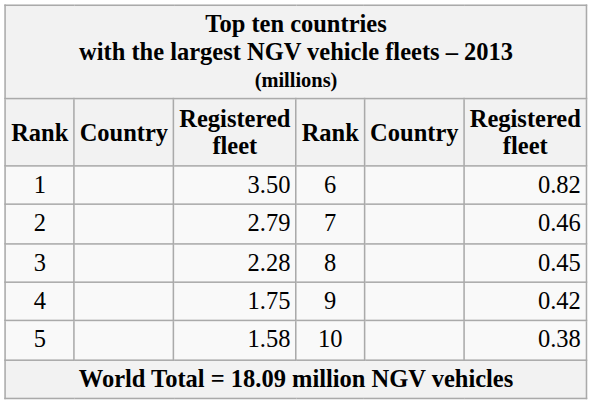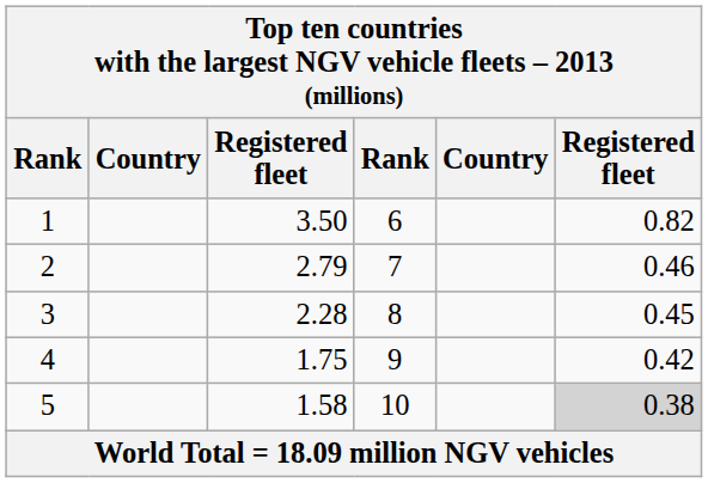 <table class="wikitable" style="float:right; margin-left:5px;">
 <tr>
 <th colspan=6><strong>Top ten countries<br>with the largest NGV vehicle fleets – 2013</strong><br><small>(millions)</small></th>
 </tr>
 <tr>
 <th>Rank</th>
 <th>Country</th>
 <th>Registered<br>fleet</th>
 <th>Rank</th>
 <th>Country</th>
 <th>Registered<br>fleet</th>
 </tr>
 <tr>
 <td ALIGN=CENTER>1</td>
 <td></td>
 <td ALIGN=RIGHT>3.50</td>
 <td ALIGN=CENTER>6</td>
 <td></td>
 <td ALIGN=RIGHT>0.82</td>
 </tr>
 <tr>
 <td ALIGN=CENTER>2</td>
 <td></td>
 <td ALIGN=RIGHT>2.79</td>
 <td ALIGN=CENTER>7</td>
 <td></td>
 <td ALIGN=RIGHT>0.46</td>
 </tr>
 <tr>
 <td ALIGN=CENTER>3</td>
 <td></td>
 <td ALIGN=RIGHT>2.28</td>
 <td ALIGN=CENTER>8</td>
 <td></td>
 <td ALIGN=RIGHT>0.45</td>
 </tr>
 <tr>
 <td ALIGN=CENTER>4</td>
 <td></td>
 <td ALIGN=RIGHT>1.75</td>
 <td ALIGN=CENTER>9</td>
 <td></td>
 <td ALIGN=RIGHT>0.42</td>
 </tr>
 <tr>
 <td ALIGN=CENTER>5</td>
 <td></td>
 <td ALIGN=RIGHT>1.58</td>
 <td ALIGN=CENTER>10</td>
 <td></td>
-<td ALIGN=RIGHT>0.38</td>
+<td ALIGN=RIGHT style="background: lightgrey;">0.38</td>
 </tr>
 <tr>
 <th colspan="6">World Total = 18.09 million NGV vehicles</th>
 </tr>
 </table>
